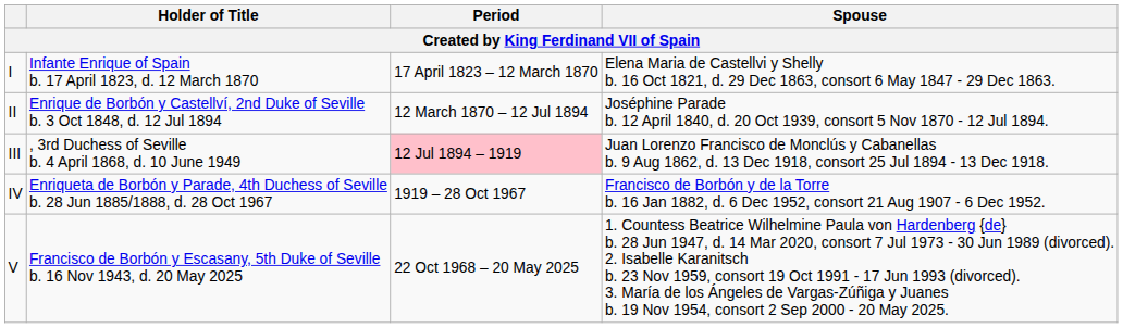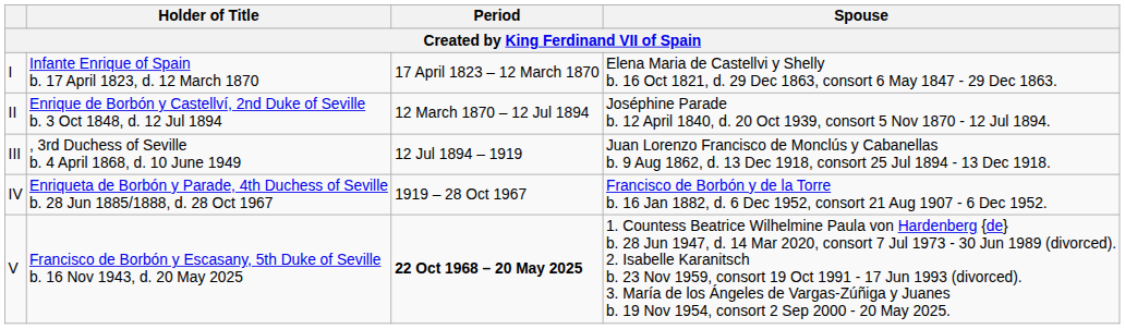 <table class="wikitable">
 <tr>
 <th></th>
 <th>Holder of Title</th>
 <th>Period</th>
 <th>Spouse</th>
 </tr>
 <tr bgcolor="#dddddd" |>
 <th colspan="5">Created by <a href='#'>King Ferdinand VII of Spain</a></th>
 </tr>
 <tr>
 <td>I</td>
 <td><a href='#'>Infante Enrique of Spain</a><br>b. 17 April 1823, d. 12 March 1870</td>
 <td>17 April 1823 – 12 March 1870</td>
 <td>Elena Maria de Castellvi y Shelly<br>b. 16 Oct 1821, d. 29 Dec 1863, consort 6 May 1847 - 29 Dec 1863.</td>
 </tr>
 <tr>
 <td>II</td>
 <td><a href='#'>Enrique de Borbón y Castellví, 2nd Duke of Seville</a><br>b. 3 Oct 1848, d. 12 Jul 1894</td>
 <td>12 March 1870 – 12 Jul 1894</td>
 <td>Joséphine Parade<br>b. 12 April 1840, d. 20 Oct 1939, consort 5 Nov 1870 - 12 Jul 1894.</td>
 </tr>
 <tr>
 <td>III</td>
 <td>, 3rd Duchess of Seville<br>b. 4 April 1868, d. 10 June 1949</td>
-<td style="background: pink;">12 Jul 1894 – 1919</td>
+<td>12 Jul 1894 – 1919</td>
 <td>Juan Lorenzo Francisco de Monclús y Cabanellas<br>b. 9 Aug 1862, d. 13 Dec 1918, consort 25 Jul 1894 - 13 Dec 1918.</td>
 </tr>
 <tr>
 <td>IV</td>
 <td><a href='#'>Enriqueta de Borbón y Parade, 4th Duchess of Seville</a><br>b. 28 Jun 1885/1888, d. 28 Oct 1967</td>
 <td>1919 – 28 Oct 1967</td>
 <td><a href='#'>Francisco de Borbón y de la Torre</a><br>b. 16 Jan 1882, d. 6 Dec 1952, consort 21 Aug 1907 - 6 Dec 1952.</td>
 </tr>
 <tr>
 <td>V</td>
 <td><a href='#'>Francisco de Borbón y Escasany, 5th Duke of Seville</a><br>b. 16 Nov 1943, d. 20 May 2025</td>
-<td>22 Oct 1968 – 20 May 2025</td>
+<td><strong>22 Oct 1968 – 20 May 2025</strong></td>
 <td>1. Countess Beatrice Wilhelmine Paula von <a href='#'>Hardenberg</a> {<a href='#'>de</a>}<br>b. 28 Jun 1947, d. 14 Mar 2020, consort 7 Jul 1973 - 30 Jun 1989 (divorced).<br>2. Isabelle Karanitsch<br>b. 23 Nov 1959, consort 19 Oct 1991 - 17 Jun 1993 (divorced).<br>3. María de los Ángeles de Vargas-Zúñiga y Juanes<br>b. 19 Nov 1954, consort 2 Sep 2000 - 20 May 2025.</td>
 </tr>
 </table>
